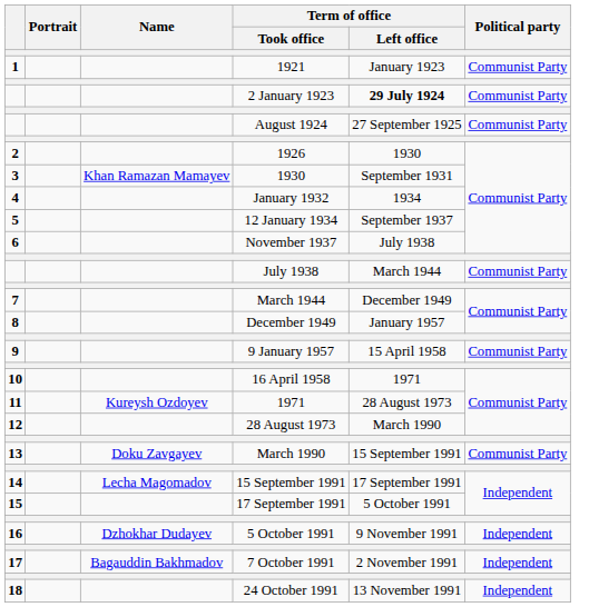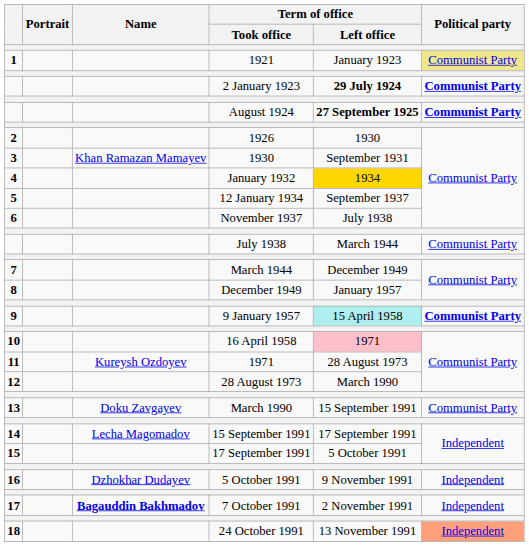 <table class="wikitable" style="text-align:center">
 <tr>
 <th rowspan=2></th>
 <th rowspan=2>Portrait</th>
 <th rowspan=2>Name<br></th>
 <th colspan=2>Term of office</th>
 <th rowspan=2>Political party</th>
 </tr>
 <tr>
 <th>Took office</th>
 <th>Left office</th>
 </tr>
 <tr>
 <th colspan="6"></th>
 </tr>
 <tr>
 <td style="background: "><strong>1</strong></td>
 <td></td>
 <td><br></td>
 <td>1921</td>
 <td>January 1923</td>
-<td><a href='#'>Communist Party</a></td>
+<td style="background: khaki;"><a href='#'>Communist Party</a></td>
 </tr>
 <tr>
 <th colspan="6"></th>
 </tr>
 <tr>
 <td style="background: "><strong></strong></td>
 <td></td>
 <td><br></td>
 <td>2 January 1923</td>
 <td><strong>29 July 1924</strong></td>
-<td><a href='#'>Communist Party</a></td>
+<td><strong><a href='#'>Communist Party</a></strong></td>
 </tr>
 <tr>
 <th colspan="6"></th>
 </tr>
 <tr>
 <td style="background: "><strong></strong></td>
 <td></td>
 <td><br></td>
 <td>August 1924</td>
-<td>27 September 1925</td>
-<td><a href='#'>Communist Party</a></td>
+<td><strong>27 September 1925</strong></td>
+<td><strong><a href='#'>Communist Party</a></strong></td>
 </tr>
 <tr>
 <th colspan="6"></th>
 </tr>
 <tr>
 <td style="background: "><strong>2</strong></td>
 <td></td>
 <td><br></td>
 <td>1926</td>
 <td>1930</td>
 <td rowspan="5"><a href='#'>Communist Party</a></td>
 </tr>
 <tr>
 <td style="background: "><strong>3</strong></td>
 <td></td>
 <td><a href='#'>Khan Ramazan Mamayev</a></td>
 <td>1930</td>
 <td>September 1931</td>
 </tr>
 <tr>
 <td style="background: "><strong>4</strong></td>
 <td></td>
 <td><br></td>
 <td>January 1932</td>
-<td>1934</td>
+<td style="background: gold;">1934</td>
 </tr>
 <tr>
 <td style="background: "><strong>5</strong></td>
 <td></td>
 <td><br></td>
 <td>12 January 1934</td>
 <td>September 1937</td>
 </tr>
 <tr>
 <td style="background: "><strong>6</strong></td>
 <td></td>
 <td><br></td>
 <td>November 1937</td>
 <td>July 1938</td>
 </tr>
 <tr>
 <th colspan="6"></th>
 </tr>
 <tr>
 <td style="background: "><strong></strong></td>
 <td></td>
 <td><br></td>
 <td>July 1938</td>
 <td>March 1944</td>
 <td><a href='#'>Communist Party</a></td>
 </tr>
 <tr>
 <th colspan="6"></th>
 </tr>
 <tr>
 <td style="background: "><strong>7</strong></td>
 <td></td>
 <td><br></td>
 <td>March 1944</td>
 <td>December 1949</td>
 <td rowspan="2"><a href='#'>Communist Party</a></td>
 </tr>
 <tr>
 <td style="background: "><strong>8</strong></td>
 <td></td>
 <td><br></td>
 <td>December 1949</td>
 <td>January 1957</td>
 </tr>
 <tr>
 <th colspan="6"></th>
 </tr>
 <tr>
 <td style="background: "><strong>9</strong></td>
 <td></td>
 <td><br></td>
 <td>9 January 1957</td>
-<td>15 April 1958</td>
-<td><a href='#'>Communist Party</a></td>
+<td style="background: paleturquoise;">15 April 1958</td>
+<td><strong><a href='#'>Communist Party</a></strong></td>
 </tr>
 <tr>
 <th colspan="6"></th>
 </tr>
 <tr>
 <td style="background: "><strong>10</strong></td>
 <td></td>
 <td><br></td>
 <td>16 April 1958</td>
-<td>1971</td>
+<td style="background: pink;">1971</td>
 <td rowspan="3"><a href='#'>Communist Party</a></td>
 </tr>
 <tr>
 <td style="background: "><strong>11</strong></td>
 <td></td>
 <td><a href='#'>Kureysh Ozdoyev</a></td>
 <td>1971</td>
 <td>28 August 1973</td>
 </tr>
 <tr>
 <td style="background: "><strong>12</strong></td>
 <td></td>
 <td><br></td>
 <td>28 August 1973</td>
 <td>March 1990</td>
 </tr>
 <tr>
 <th colspan="6"></th>
 </tr>
 <tr>
 <td style="background: "><strong>13</strong></td>
 <td></td>
 <td><a href='#'>Doku Zavgayev</a><br></td>
 <td>March 1990</td>
 <td>15 September 1991</td>
 <td><a href='#'>Communist Party</a></td>
 </tr>
 <tr>
 <th colspan="6"></th>
 </tr>
 <tr>
 <td style="background: "><strong>14</strong></td>
 <td></td>
 <td><a href='#'>Lecha Magomadov</a><br></td>
 <td>15 September 1991</td>
 <td>17 September 1991</td>
 <td rowspan="2"><a href='#'>Independent</a></td>
 </tr>
 <tr>
 <td style="background: "><strong>15</strong></td>
 <td></td>
 <td><br></td>
 <td>17 September 1991</td>
 <td>5 October 1991</td>
 </tr>
 <tr>
 <th colspan="6"></th>
 </tr>
 <tr>
 <td style="background: "><strong>16</strong></td>
 <td></td>
 <td><a href='#'>Dzhokhar Dudayev</a><br></td>
 <td>5 October 1991</td>
 <td>9 November 1991</td>
 <td><a href='#'>Independent</a></td>
 </tr>
 <tr>
 <th colspan="6"></th>
 </tr>
 <tr>
 <td style="background: "><strong>17</strong></td>
 <td></td>
-<td><a href='#'>Bagauddin Bakhmadov</a><br></td>
+<td><strong><a href='#'>Bagauddin Bakhmadov</a><br></strong></td>
 <td>7 October 1991</td>
 <td>2 November 1991</td>
 <td><a href='#'>Independent</a></td>
 </tr>
 <tr>
 <th colspan="6"></th>
 </tr>
 <tr>
 <td style="background: "><strong>18</strong></td>
 <td></td>
 <td><br></td>
 <td>24 October 1991</td>
 <td>13 November 1991</td>
-<td><a href='#'>Independent</a></td>
+<td style="background: lightsalmon;"><a href='#'>Independent</a></td>
 </tr>
 </table>
